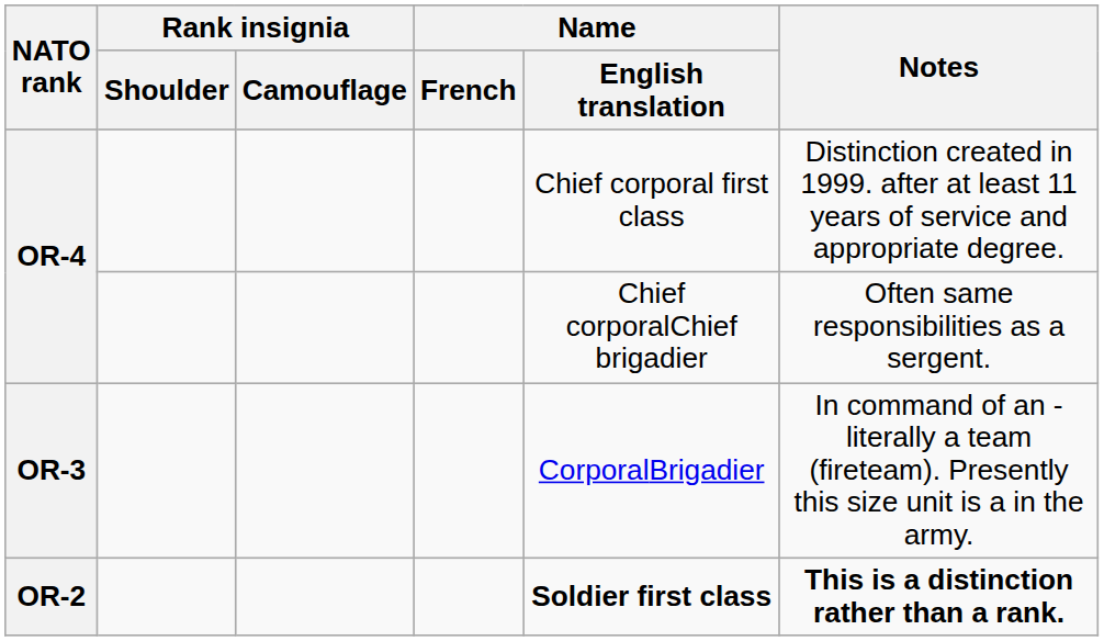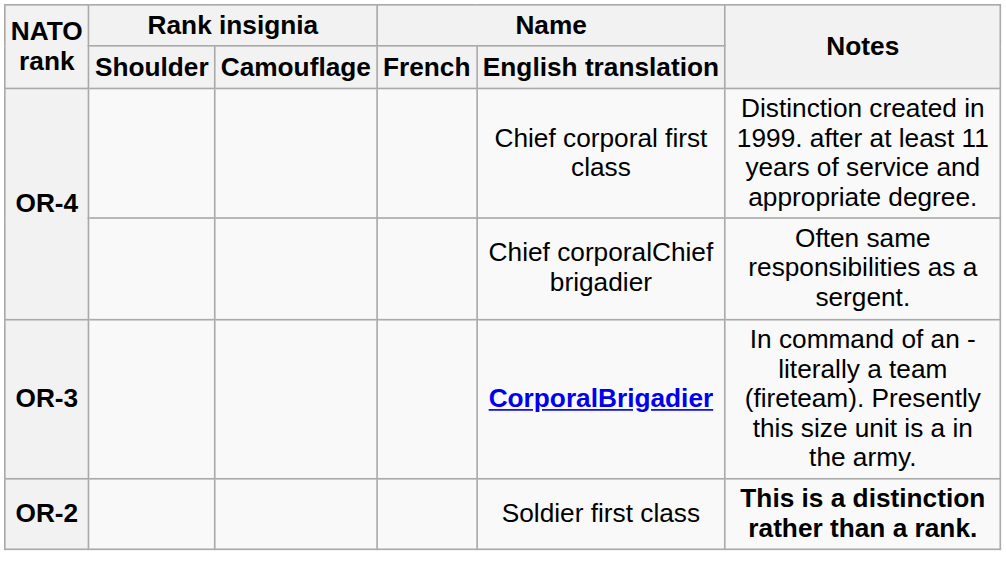 <table class="wikitable plainrowheaders" style="text-align:center;" border="1">
 <tr>
 <th rowspan=2>NATO<br>rank</th>
 <th colspan=2>Rank insignia</th>
 <th colspan=2>Name</th>
 <th rowspan=2>Notes</th>
 </tr>
 <tr>
 <th>Shoulder</th>
 <th>Camouflage</th>
 <th>French</th>
 <th>English translation</th>
 </tr>
 <tr>
 <th rowspan=2>OR-4</th>
 <td></td>
 <td></td>
 <td></td>
 <td>Chief corporal first class</td>
 <td>Distinction created in 1999.  after at least 11 years of service and appropriate degree.</td>
 </tr>
 <tr>
 <td></td>
 <td></td>
 <td>  </td>
 <td>Chief corporalChief brigadier</td>
 <td>Often same responsibilities as a sergent.</td>
 </tr>
 <tr>
 <th>OR-3</th>
 <td></td>
 <td></td>
 <td>  </td>
-<td><a href='#'>Corporal</a><a href='#'>Brigadier</a></td>
+<td><strong><a href='#'>Corporal</a><a href='#'>Brigadier</a></strong></td>
 <td>In command of an  - literally a team (fireteam). Presently this size unit is a  in the army.</td>
 </tr>
 <tr>
 <th>OR-2</th>
 <td></td>
 <td></td>
 <td></td>
-<td><strong>Soldier first class</strong></td>
+<td>Soldier first class</td>
 <td><strong>This is a distinction rather than a rank.</strong></td>
 </tr>
 </table>
